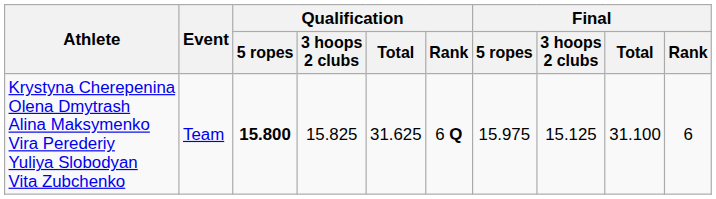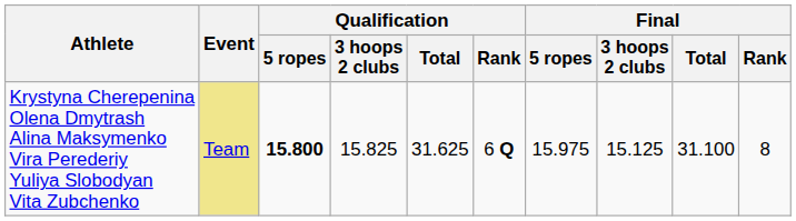 <table class="wikitable" style="font-size:90%">
 <tr>
 <th rowspan="2">Athlete</th>
 <th rowspan="2">Event</th>
 <th colspan="4">Qualification</th>
 <th colspan="4">Final</th>
 </tr>
 <tr style="font-size:95%">
 <th>5 ropes</th>
 <th>3 hoops<br>2 clubs</th>
 <th>Total</th>
 <th>Rank</th>
 <th>5 ropes</th>
 <th>3 hoops<br>2 clubs</th>
 <th>Total</th>
 <th>Rank</th>
 </tr>
 <tr align=center>
 <td align=left><a href='#'>Krystyna Cherepenina</a><br><a href='#'>Olena Dmytrash</a><br><a href='#'>Alina Maksymenko</a><br><a href='#'>Vira Perederiy</a><br><a href='#'>Yuliya Slobodyan</a><br><a href='#'>Vita Zubchenko</a></td>
-<td align=left><a href='#'>Team</a></td>
+<td align=left style="background: khaki;"><a href='#'>Team</a></td>
 <td><strong>15.800</strong></td>
 <td>15.825</td>
 <td>31.625</td>
 <td>6 <strong>Q</strong></td>
 <td>15.975</td>
 <td>15.125</td>
 <td>31.100</td>
-<td>6</td>
+<td>8</td>
 </tr>
 </table>
